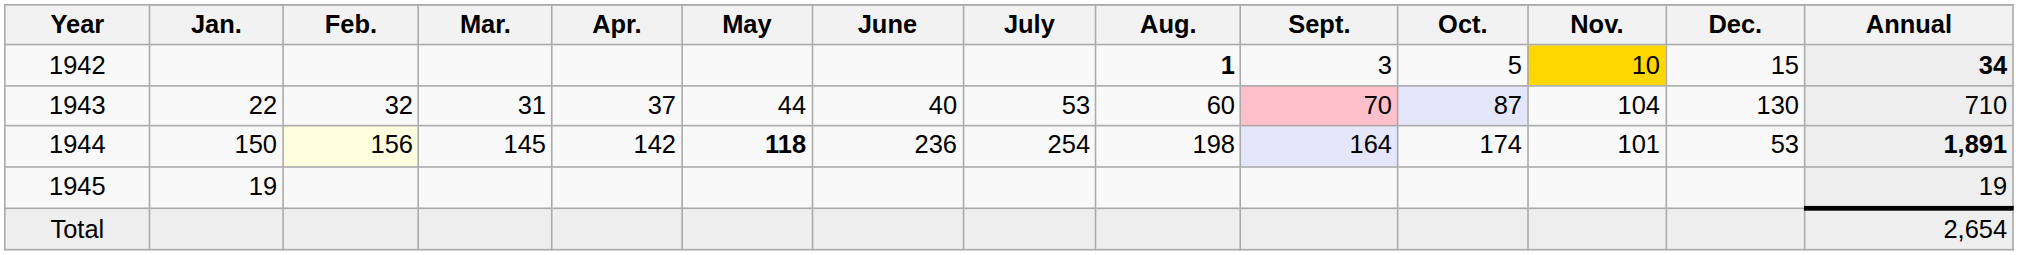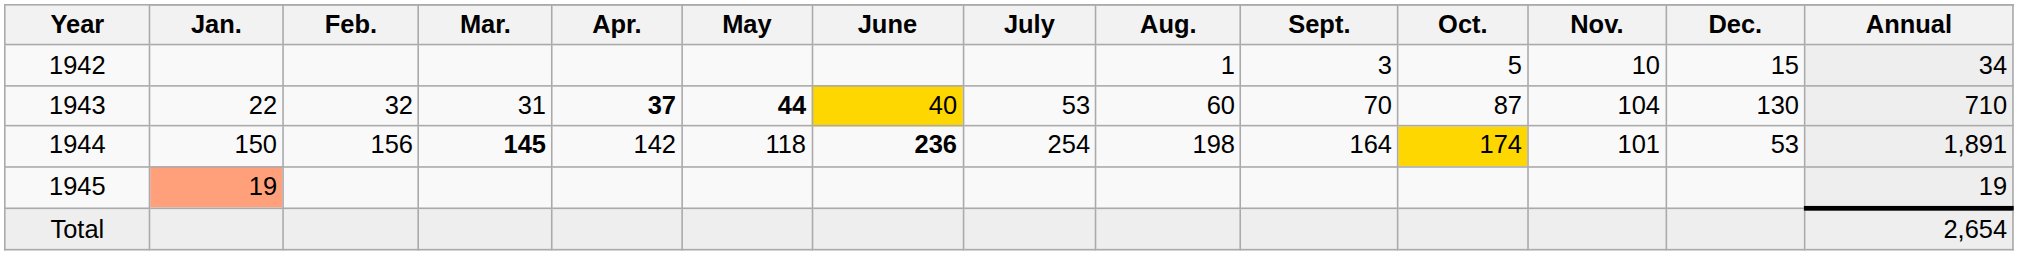 <table class="wikitable" style="text-align: right; width: 100%">
 <tr>
 <th rowspan=2>Year</th>
 </tr>
 <tr>
 <th>Jan.</th>
 <th>Feb.</th>
 <th>Mar.</th>
 <th>Apr.</th>
 <th>May</th>
 <th>June</th>
 <th>July</th>
 <th>Aug.</th>
 <th>Sept.</th>
 <th>Oct.</th>
 <th>Nov.</th>
 <th>Dec.</th>
 <th>Annual</th>
 </tr>
 <tr>
 <td style="text-align:center">1942</td>
 <td></td>
 <td></td>
 <td></td>
 <td></td>
 <td></td>
 <td></td>
 <td></td>
-<td><strong>1</strong></td>
+<td>1</td>
 <td>3</td>
 <td>5</td>
-<td style="background: gold;">10</td>
+<td>10</td>
 <td>15</td>
-<td style="background: #eee;"><strong>34</strong></td>
+<td style="background: #eee;">34</td>
 </tr>
 <tr>
 <td style="text-align:center">1943</td>
 <td>22</td>
 <td>32</td>
 <td>31</td>
-<td>37</td>
-<td>44</td>
-<td>40</td>
+<td><strong>37</strong></td>
+<td><strong>44</strong></td>
+<td style="background: gold;">40</td>
 <td>53</td>
 <td>60</td>
-<td style="background: pink;">70</td>
-<td style="background: lavender;">87</td>
+<td>70</td>
+<td>87</td>
 <td>104</td>
 <td>130</td>
 <td style="background: #eee;">710</td>
 </tr>
 <tr>
 <td style="text-align:center">1944</td>
 <td>150</td>
-<td style="background: lightyellow;">156</td>
-<td>145</td>
+<td>156</td>
+<td><strong>145</strong></td>
 <td>142</td>
-<td><strong>118</strong></td>
-<td>236</td>
+<td>118</td>
+<td><strong>236</strong></td>
 <td>254</td>
 <td>198</td>
-<td style="background: lavender;">164</td>
-<td>174</td>
+<td>164</td>
+<td style="background: gold;">174</td>
 <td>101</td>
 <td>53</td>
-<td style="background: #eee;"><strong>1,891</strong></td>
+<td style="background: #eee;">1,891</td>
 </tr>
 <tr>
 <td style="text-align:center">1945</td>
-<td>19</td>
+<td style="background: lightsalmon;">19</td>
 <td></td>
 <td></td>
 <td></td>
 <td></td>
 <td></td>
 <td></td>
 <td></td>
 <td></td>
 <td></td>
 <td></td>
 <td></td>
 <td style="background: #eee;">19</td>
 </tr>
 <tr style="background: #eee;">
 <td style="text-align:center">Total</td>
 <td></td>
 <td></td>
 <td></td>
 <td></td>
 <td></td>
 <td></td>
 <td></td>
 <td></td>
 <td></td>
 <td></td>
 <td></td>
 <td></td>
 <td style="border-top: black solid">2,654</td>
 </tr>
 </table>
